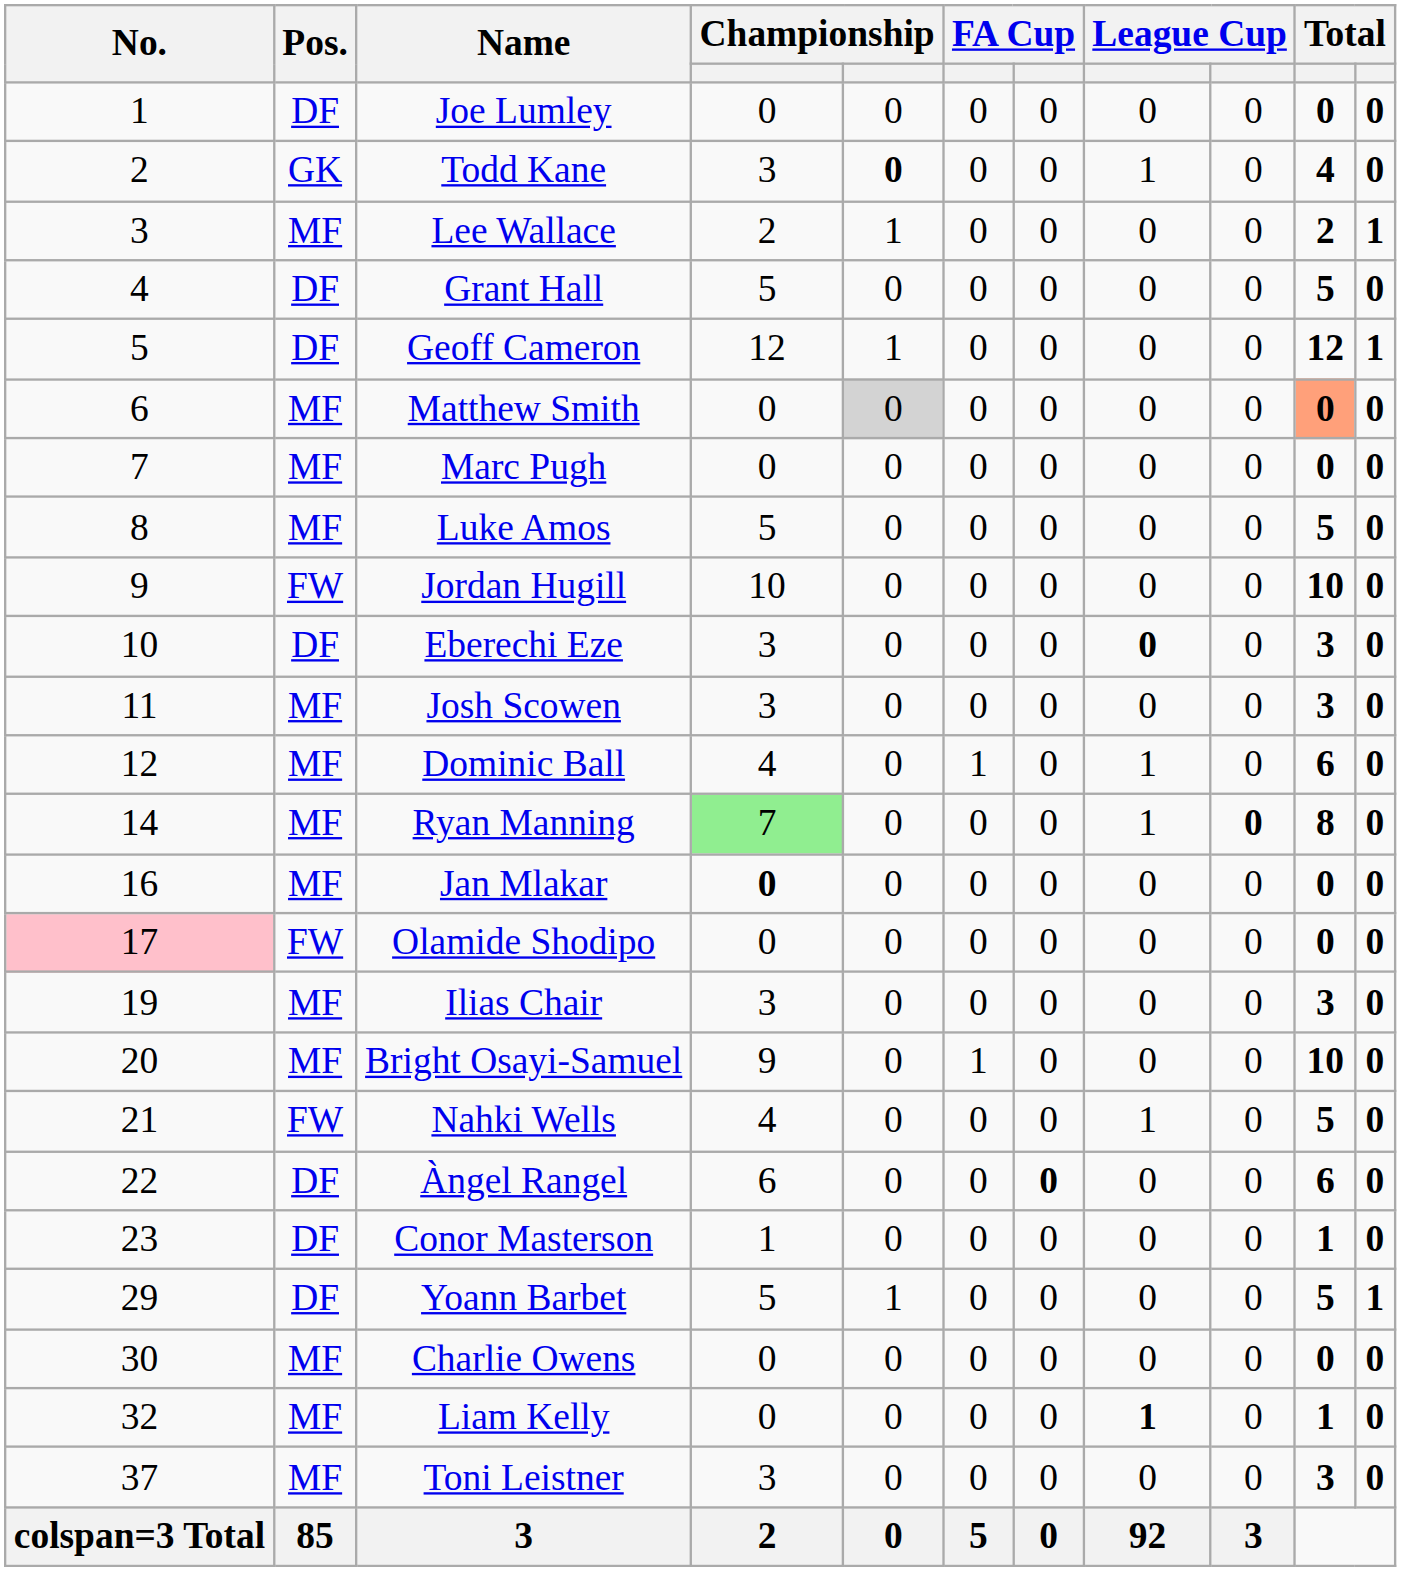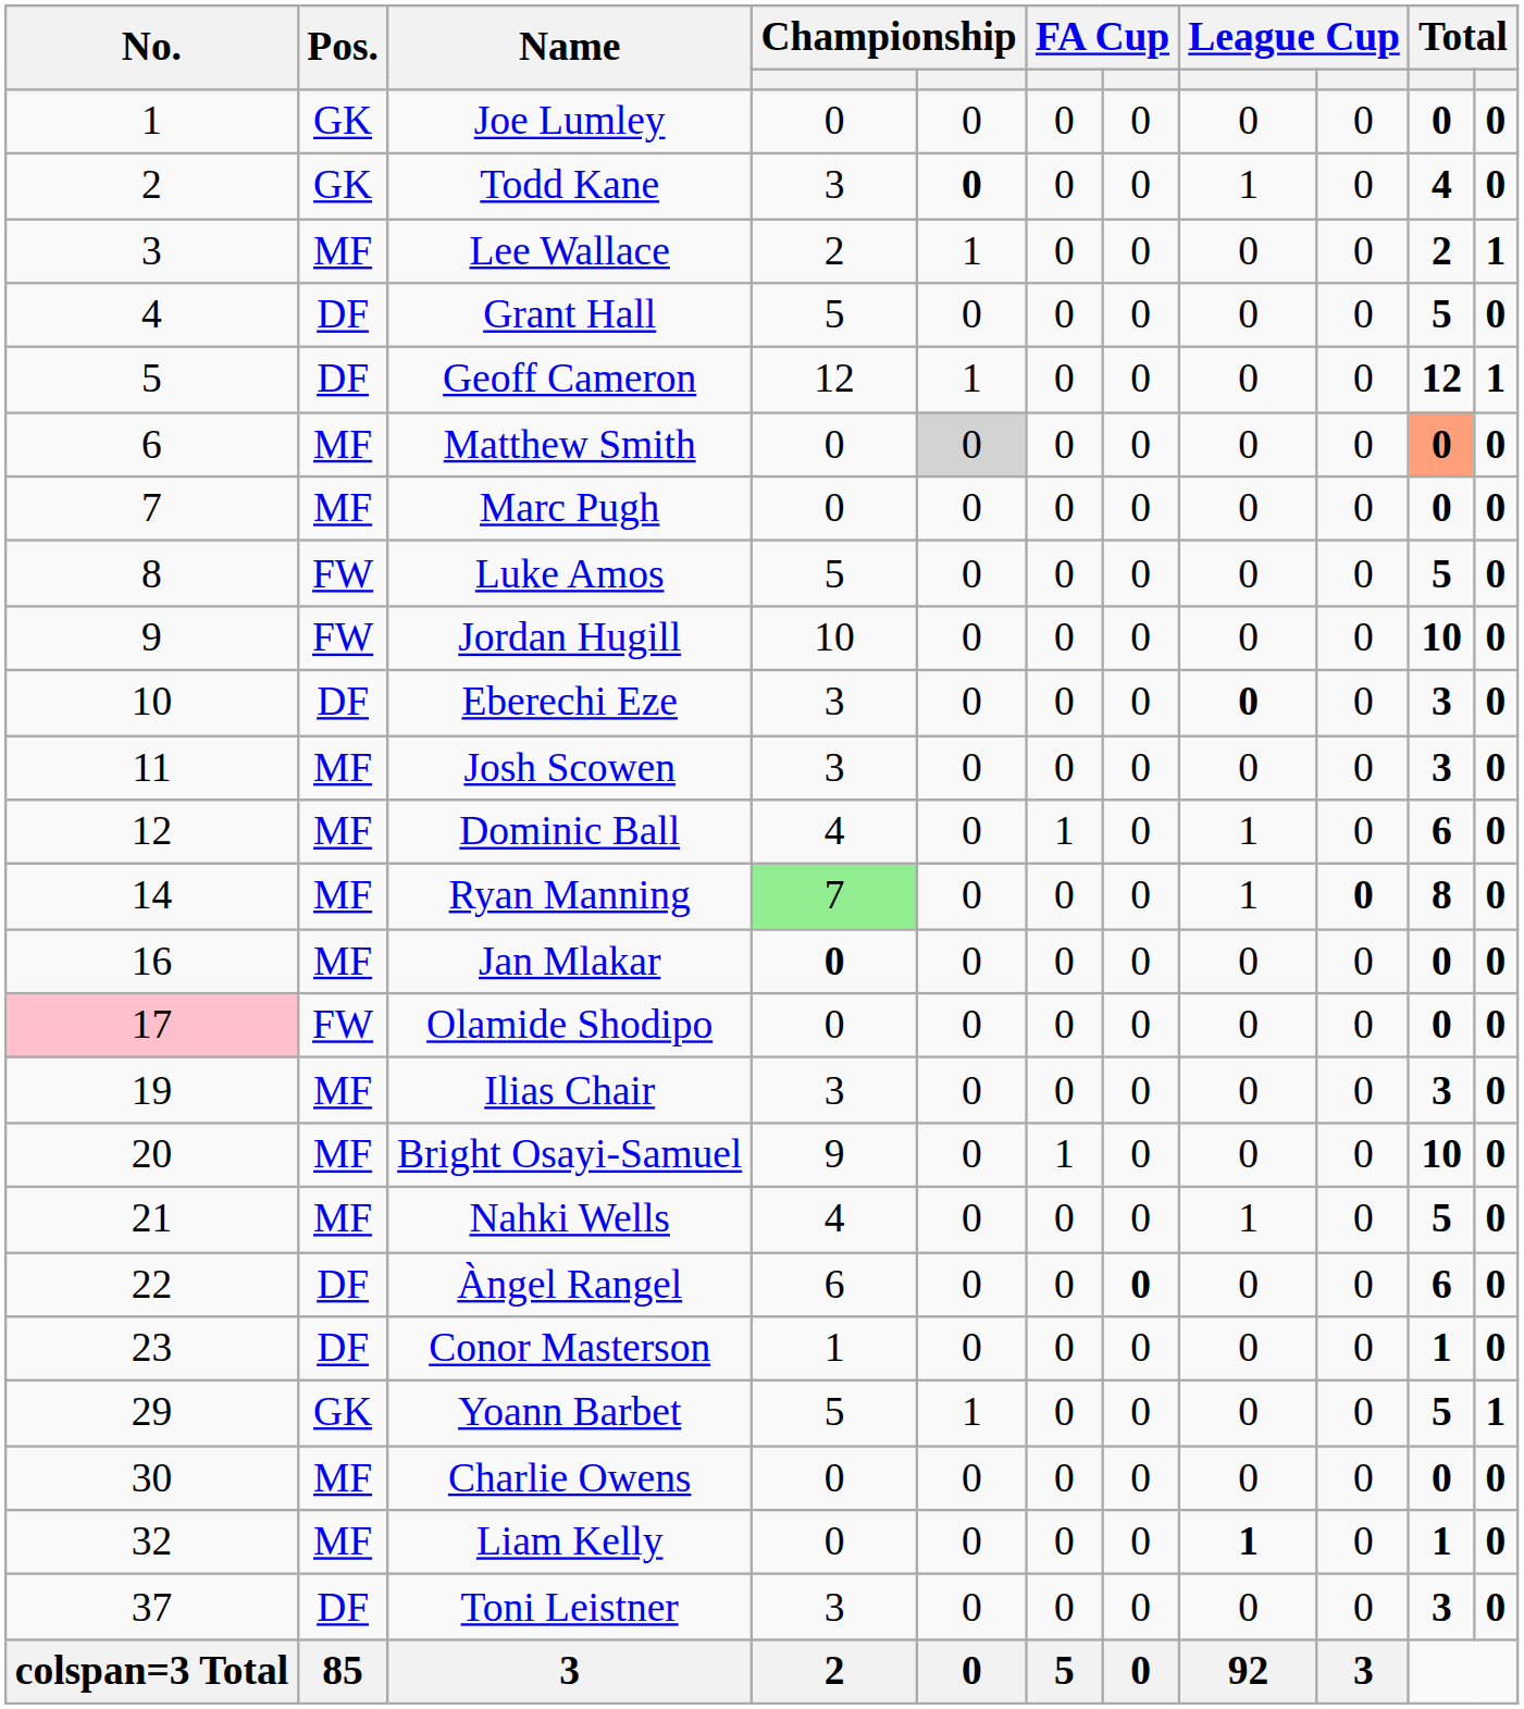 <table class="wikitable sortable" style="text-align: center;">
 <tr>
 <th rowspan="2">No.</th>
 <th rowspan="2">Pos.</th>
 <th rowspan="2">Name</th>
 <th colspan="2">Championship</th>
 <th colspan="2"><a href='#'>FA Cup</a></th>
 <th colspan="2"><a href='#'>League Cup</a></th>
 <th colspan="2">Total</th>
 </tr>
 <tr>
 <th></th>
 <th></th>
 <th></th>
 <th></th>
 <th></th>
 <th></th>
 <th></th>
 <th></th>
 </tr>
 <tr>
 <td>1</td>
-<td><a href='#'>DF</a></td>
+<td><a href='#'>GK</a></td>
 <td><a href='#'>Joe Lumley</a></td>
 <td>0</td>
 <td>0</td>
 <td>0</td>
 <td>0</td>
 <td>0</td>
 <td>0</td>
 <td><strong>0</strong></td>
 <td><strong>0</strong></td>
 </tr>
 <tr>
 <td>2</td>
 <td><a href='#'>GK</a></td>
 <td><a href='#'>Todd Kane</a></td>
 <td>3</td>
 <td><strong>0</strong></td>
 <td>0</td>
 <td>0</td>
 <td>1</td>
 <td>0</td>
 <td><strong>4</strong></td>
 <td><strong>0</strong></td>
 </tr>
 <tr>
 <td>3</td>
 <td><a href='#'>MF</a></td>
 <td><a href='#'>Lee Wallace</a></td>
 <td>2</td>
 <td>1</td>
 <td>0</td>
 <td>0</td>
 <td>0</td>
 <td>0</td>
 <td><strong>2</strong></td>
 <td><strong>1</strong></td>
 </tr>
 <tr>
 <td>4</td>
 <td><a href='#'>DF</a></td>
 <td><a href='#'>Grant Hall</a></td>
 <td>5</td>
 <td>0</td>
 <td>0</td>
 <td>0</td>
 <td>0</td>
 <td>0</td>
 <td><strong>5</strong></td>
 <td><strong>0</strong></td>
 </tr>
 <tr>
 <td>5</td>
 <td><a href='#'>DF</a></td>
 <td><a href='#'>Geoff Cameron</a></td>
 <td>12</td>
 <td>1</td>
 <td>0</td>
 <td>0</td>
 <td>0</td>
 <td>0</td>
 <td><strong>12</strong></td>
 <td><strong>1</strong></td>
 </tr>
 <tr>
 <td>6</td>
 <td><a href='#'>MF</a></td>
 <td><a href='#'>Matthew Smith</a></td>
 <td>0</td>
 <td style="background: lightgrey;">0</td>
 <td>0</td>
 <td>0</td>
 <td>0</td>
 <td>0</td>
 <td style="background: lightsalmon;"><strong>0</strong></td>
 <td><strong>0</strong></td>
 </tr>
 <tr>
 <td>7</td>
 <td><a href='#'>MF</a></td>
 <td><a href='#'>Marc Pugh</a></td>
 <td>0</td>
 <td>0</td>
 <td>0</td>
 <td>0</td>
 <td>0</td>
 <td>0</td>
 <td><strong>0</strong></td>
 <td><strong>0</strong></td>
 </tr>
 <tr>
 <td>8</td>
-<td><a href='#'>MF</a></td>
+<td><a href='#'>FW</a></td>
 <td><a href='#'>Luke Amos</a></td>
 <td>5</td>
 <td>0</td>
 <td>0</td>
 <td>0</td>
 <td>0</td>
 <td>0</td>
 <td><strong>5</strong></td>
 <td><strong>0</strong></td>
 </tr>
 <tr>
 <td>9</td>
 <td><a href='#'>FW</a></td>
 <td><a href='#'>Jordan Hugill</a></td>
 <td>10</td>
 <td>0</td>
 <td>0</td>
 <td>0</td>
 <td>0</td>
 <td>0</td>
 <td><strong>10</strong></td>
 <td><strong>0</strong></td>
 </tr>
 <tr>
 <td>10</td>
 <td><a href='#'>DF</a></td>
 <td><a href='#'>Eberechi Eze</a></td>
 <td>3</td>
 <td>0</td>
 <td>0</td>
 <td>0</td>
 <td><strong>0</strong></td>
 <td>0</td>
 <td><strong>3</strong></td>
 <td><strong>0</strong></td>
 </tr>
 <tr>
 <td>11</td>
 <td><a href='#'>MF</a></td>
 <td><a href='#'>Josh Scowen</a></td>
 <td>3</td>
 <td>0</td>
 <td>0</td>
 <td>0</td>
 <td>0</td>
 <td>0</td>
 <td><strong>3</strong></td>
 <td><strong>0</strong></td>
 </tr>
 <tr>
 <td>12</td>
 <td><a href='#'>MF</a></td>
 <td><a href='#'>Dominic Ball</a></td>
 <td>4</td>
 <td>0</td>
 <td>1</td>
 <td>0</td>
 <td>1</td>
 <td>0</td>
 <td><strong>6</strong></td>
 <td><strong>0</strong></td>
 </tr>
 <tr>
 <td>14</td>
 <td><a href='#'>MF</a></td>
 <td><a href='#'>Ryan Manning</a></td>
 <td style="background: lightgreen;">7</td>
 <td>0</td>
 <td>0</td>
 <td>0</td>
 <td>1</td>
 <td><strong>0</strong></td>
 <td><strong>8</strong></td>
 <td><strong>0</strong></td>
 </tr>
 <tr>
 <td>16</td>
 <td><a href='#'>MF</a></td>
 <td><a href='#'>Jan Mlakar</a></td>
 <td><strong>0</strong></td>
 <td>0</td>
 <td>0</td>
 <td>0</td>
 <td>0</td>
 <td>0</td>
 <td><strong>0</strong></td>
 <td><strong>0</strong></td>
 </tr>
 <tr>
 <td style="background: pink;">17</td>
 <td><a href='#'>FW</a></td>
 <td><a href='#'>Olamide Shodipo</a></td>
 <td>0</td>
 <td>0</td>
 <td>0</td>
 <td>0</td>
 <td>0</td>
 <td>0</td>
 <td><strong>0</strong></td>
 <td><strong>0</strong></td>
 </tr>
 <tr>
 <td>19</td>
 <td><a href='#'>MF</a></td>
 <td><a href='#'>Ilias Chair</a></td>
 <td>3</td>
 <td>0</td>
 <td>0</td>
 <td>0</td>
 <td>0</td>
 <td>0</td>
 <td><strong>3</strong></td>
 <td><strong>0</strong></td>
 </tr>
 <tr>
 <td>20</td>
 <td><a href='#'>MF</a></td>
 <td><a href='#'>Bright Osayi-Samuel</a></td>
 <td>9</td>
 <td>0</td>
 <td>1</td>
 <td>0</td>
 <td>0</td>
 <td>0</td>
 <td><strong>10</strong></td>
 <td><strong>0</strong></td>
 </tr>
 <tr>
 <td>21</td>
-<td><a href='#'>FW</a></td>
+<td><a href='#'>MF</a></td>
 <td><a href='#'>Nahki Wells</a></td>
 <td>4</td>
 <td>0</td>
 <td>0</td>
 <td>0</td>
 <td>1</td>
 <td>0</td>
 <td><strong>5</strong></td>
 <td><strong>0</strong></td>
 </tr>
 <tr>
 <td>22</td>
 <td><a href='#'>DF</a></td>
 <td><a href='#'>Àngel Rangel</a></td>
 <td>6</td>
 <td>0</td>
 <td>0</td>
 <td><strong>0</strong></td>
 <td>0</td>
 <td>0</td>
 <td><strong>6</strong></td>
 <td><strong>0</strong></td>
 </tr>
 <tr>
 <td>23</td>
 <td><a href='#'>DF</a></td>
 <td><a href='#'>Conor Masterson</a></td>
 <td>1</td>
 <td>0</td>
 <td>0</td>
 <td>0</td>
 <td>0</td>
 <td>0</td>
 <td><strong>1</strong></td>
 <td><strong>0</strong></td>
 </tr>
 <tr>
 <td>29</td>
-<td><a href='#'>DF</a></td>
+<td><a href='#'>GK</a></td>
 <td><a href='#'>Yoann Barbet</a></td>
 <td>5</td>
 <td>1</td>
 <td>0</td>
 <td>0</td>
 <td>0</td>
 <td>0</td>
 <td><strong>5</strong></td>
 <td><strong>1</strong></td>
 </tr>
 <tr>
 <td>30</td>
 <td><a href='#'>MF</a></td>
 <td><a href='#'>Charlie Owens</a></td>
 <td>0</td>
 <td>0</td>
 <td>0</td>
 <td>0</td>
 <td>0</td>
 <td>0</td>
 <td><strong>0</strong></td>
 <td><strong>0</strong></td>
 </tr>
 <tr>
 <td>32</td>
 <td><a href='#'>MF</a></td>
 <td><a href='#'>Liam Kelly</a></td>
 <td>0</td>
 <td>0</td>
 <td>0</td>
 <td>0</td>
 <td><strong>1</strong></td>
 <td>0</td>
 <td><strong>1</strong></td>
 <td><strong>0</strong></td>
 </tr>
 <tr>
 <td>37</td>
-<td><a href='#'>MF</a></td>
+<td><a href='#'>DF</a></td>
 <td><a href='#'>Toni Leistner</a></td>
 <td>3</td>
 <td>0</td>
 <td>0</td>
 <td>0</td>
 <td>0</td>
 <td>0</td>
 <td><strong>3</strong></td>
 <td><strong>0</strong></td>
 </tr>
 <tr>
 <th>colspan=3 Total</th>
 <th>85</th>
 <th>3</th>
 <th>2</th>
 <th>0</th>
 <th>5</th>
 <th>0</th>
 <th>92</th>
 <th>3</th>
 </tr>
 </table>
